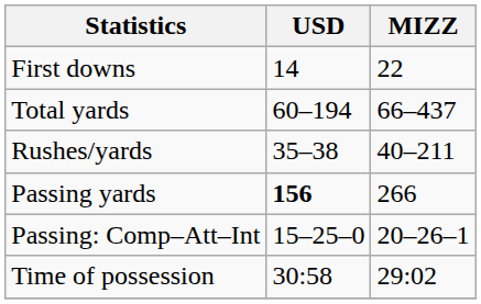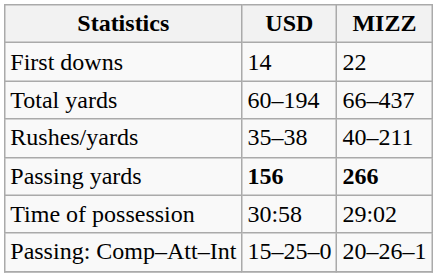 <table class="wikitable" style="float: left;">
 <tr>
 <th>Statistics</th>
 <th>USD</th>
 <th>MIZZ</th>
 </tr>
 <tr>
 <td>First downs</td>
 <td>14</td>
 <td>22</td>
 </tr>
 <tr>
 <td>Total yards</td>
 <td>60–194</td>
 <td>66–437</td>
 </tr>
 <tr>
 <td>Rushes/yards</td>
 <td>35–38</td>
 <td>40–211</td>
 </tr>
 <tr>
 <td>Passing yards</td>
 <td><strong>156</strong></td>
-<td>266</td>
+<td><strong>266</strong></td>
+</tr>
+<tr>
+<td>Time of possession</td>
+<td>30:58</td>
+<td>29:02</td>
 </tr>
 <tr>
 <td>Passing: Comp–Att–Int</td>
 <td>15–25–0</td>
 <td>20–26–1</td>
 </tr>
 <tr>
-<td>Time of possession</td>
-<td>30:58</td>
-<td>29:02</td>
-</tr>
-<tr>
 </tr>
 </table>
